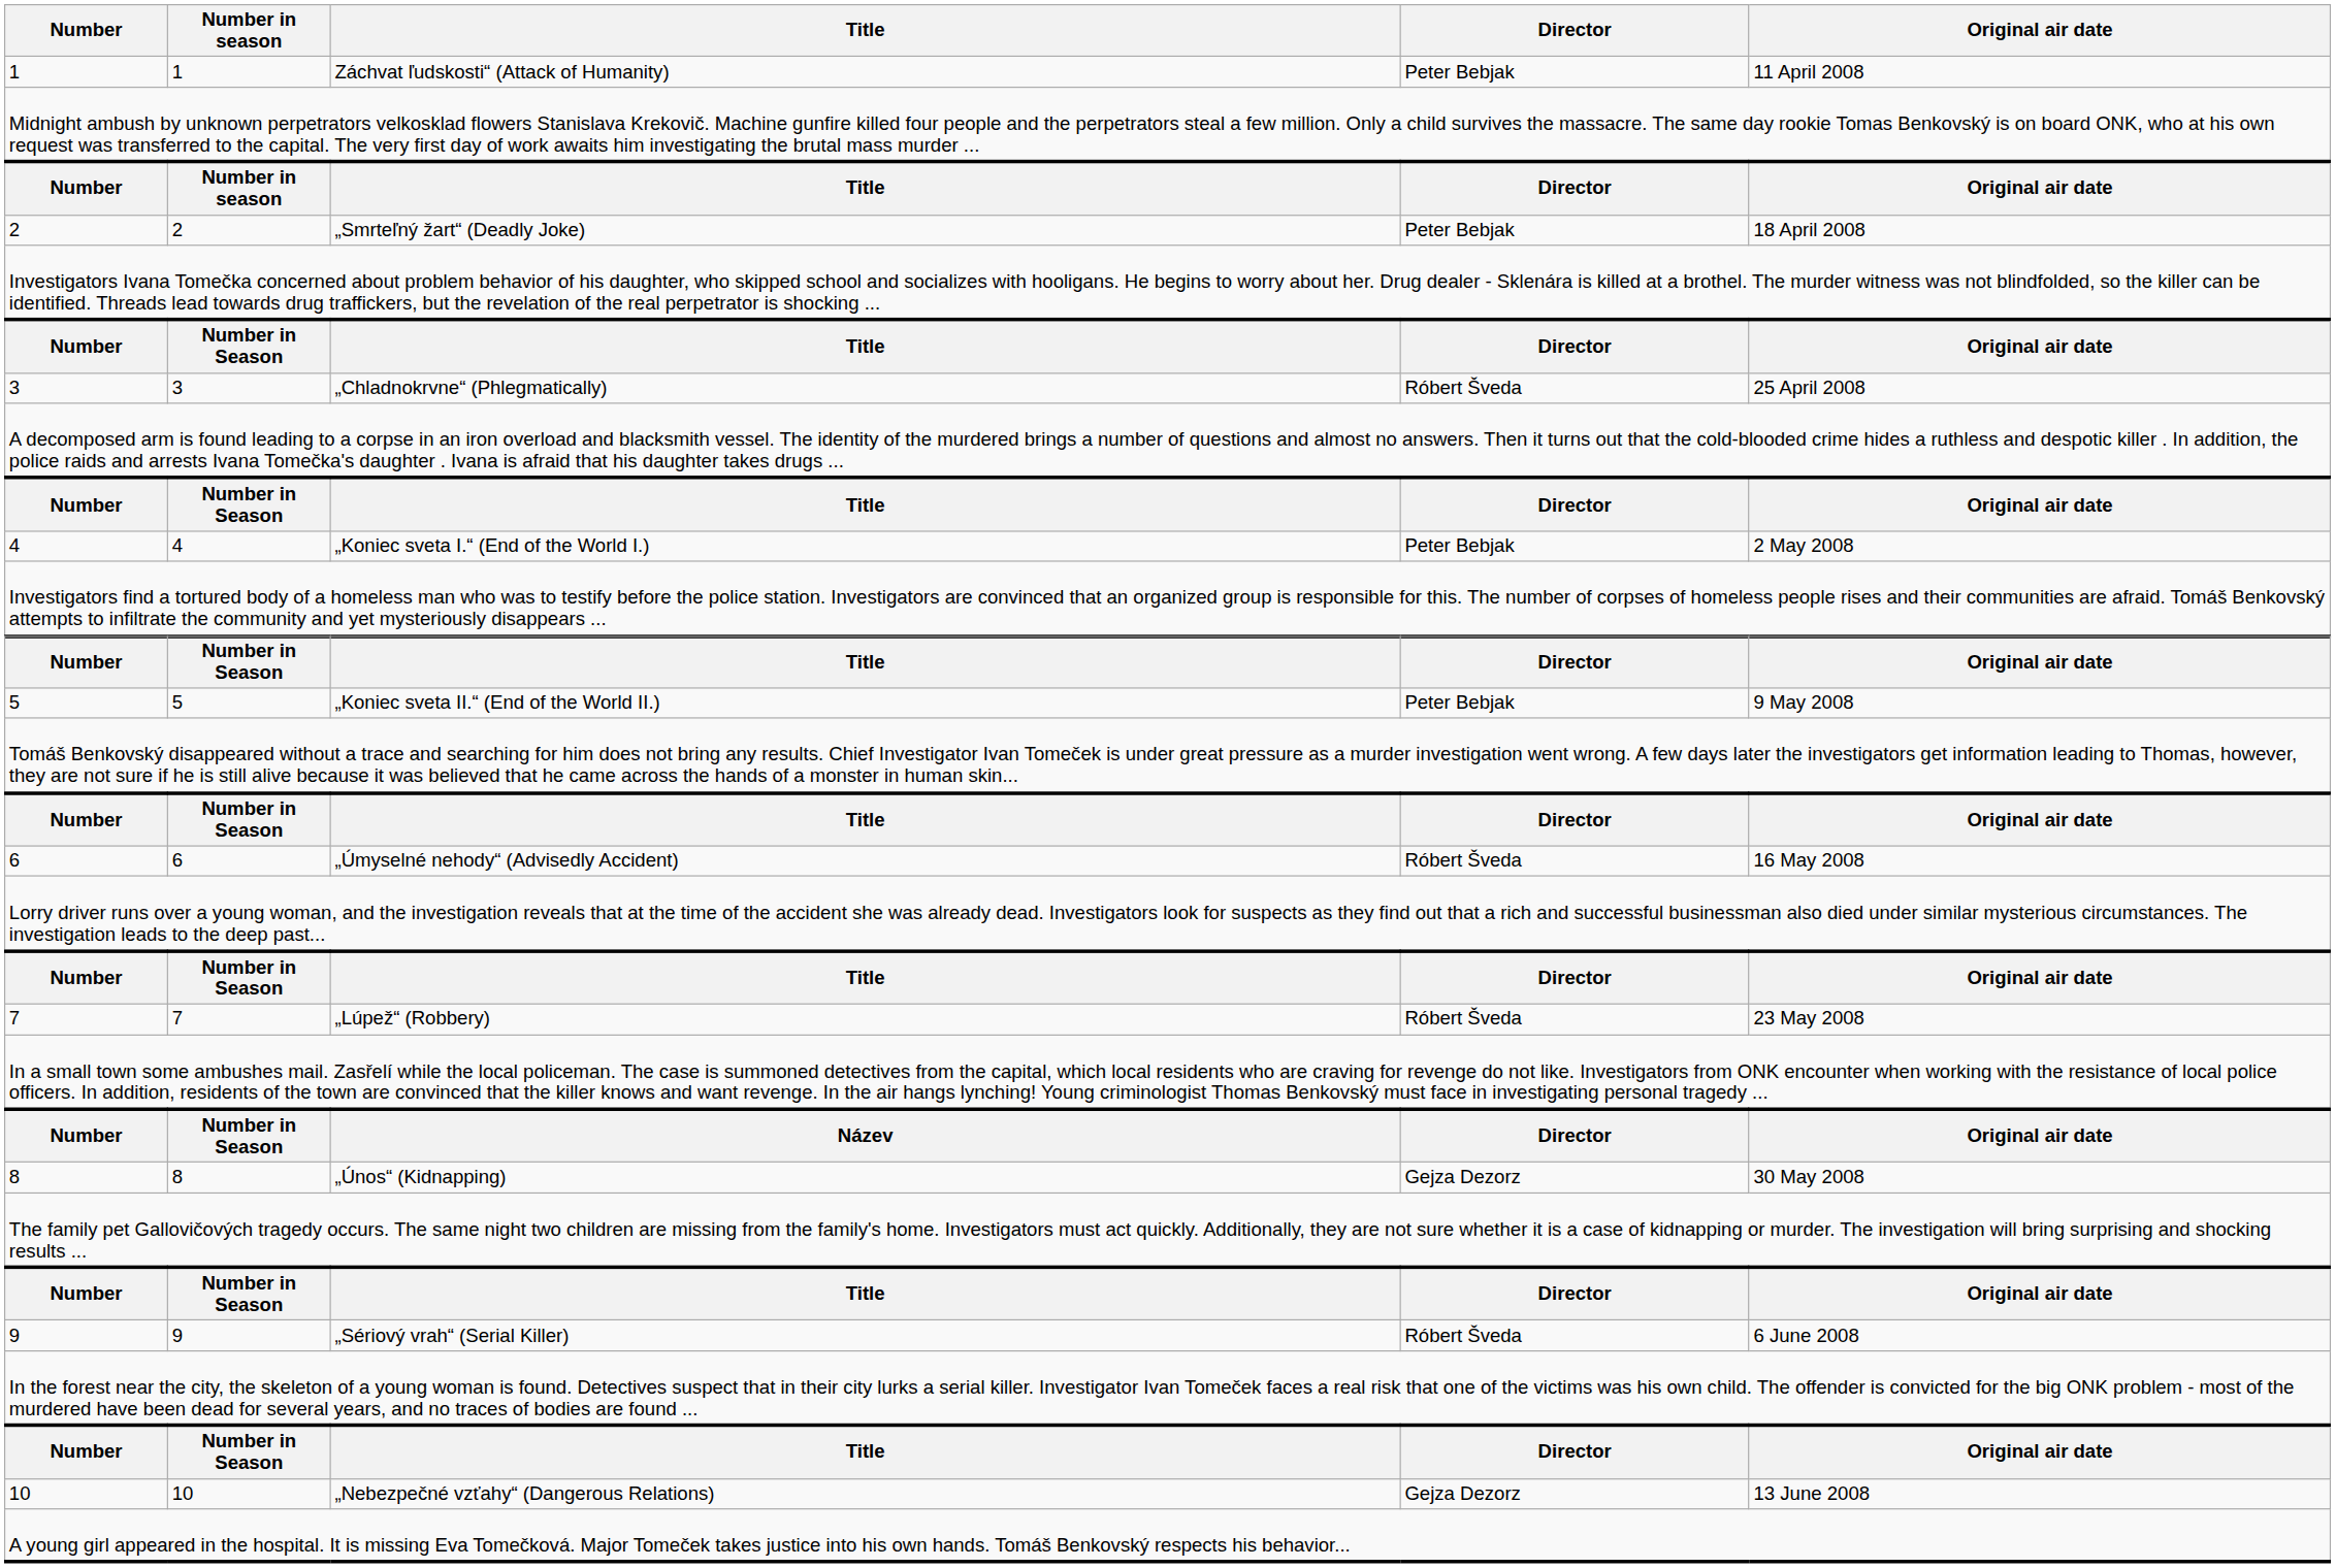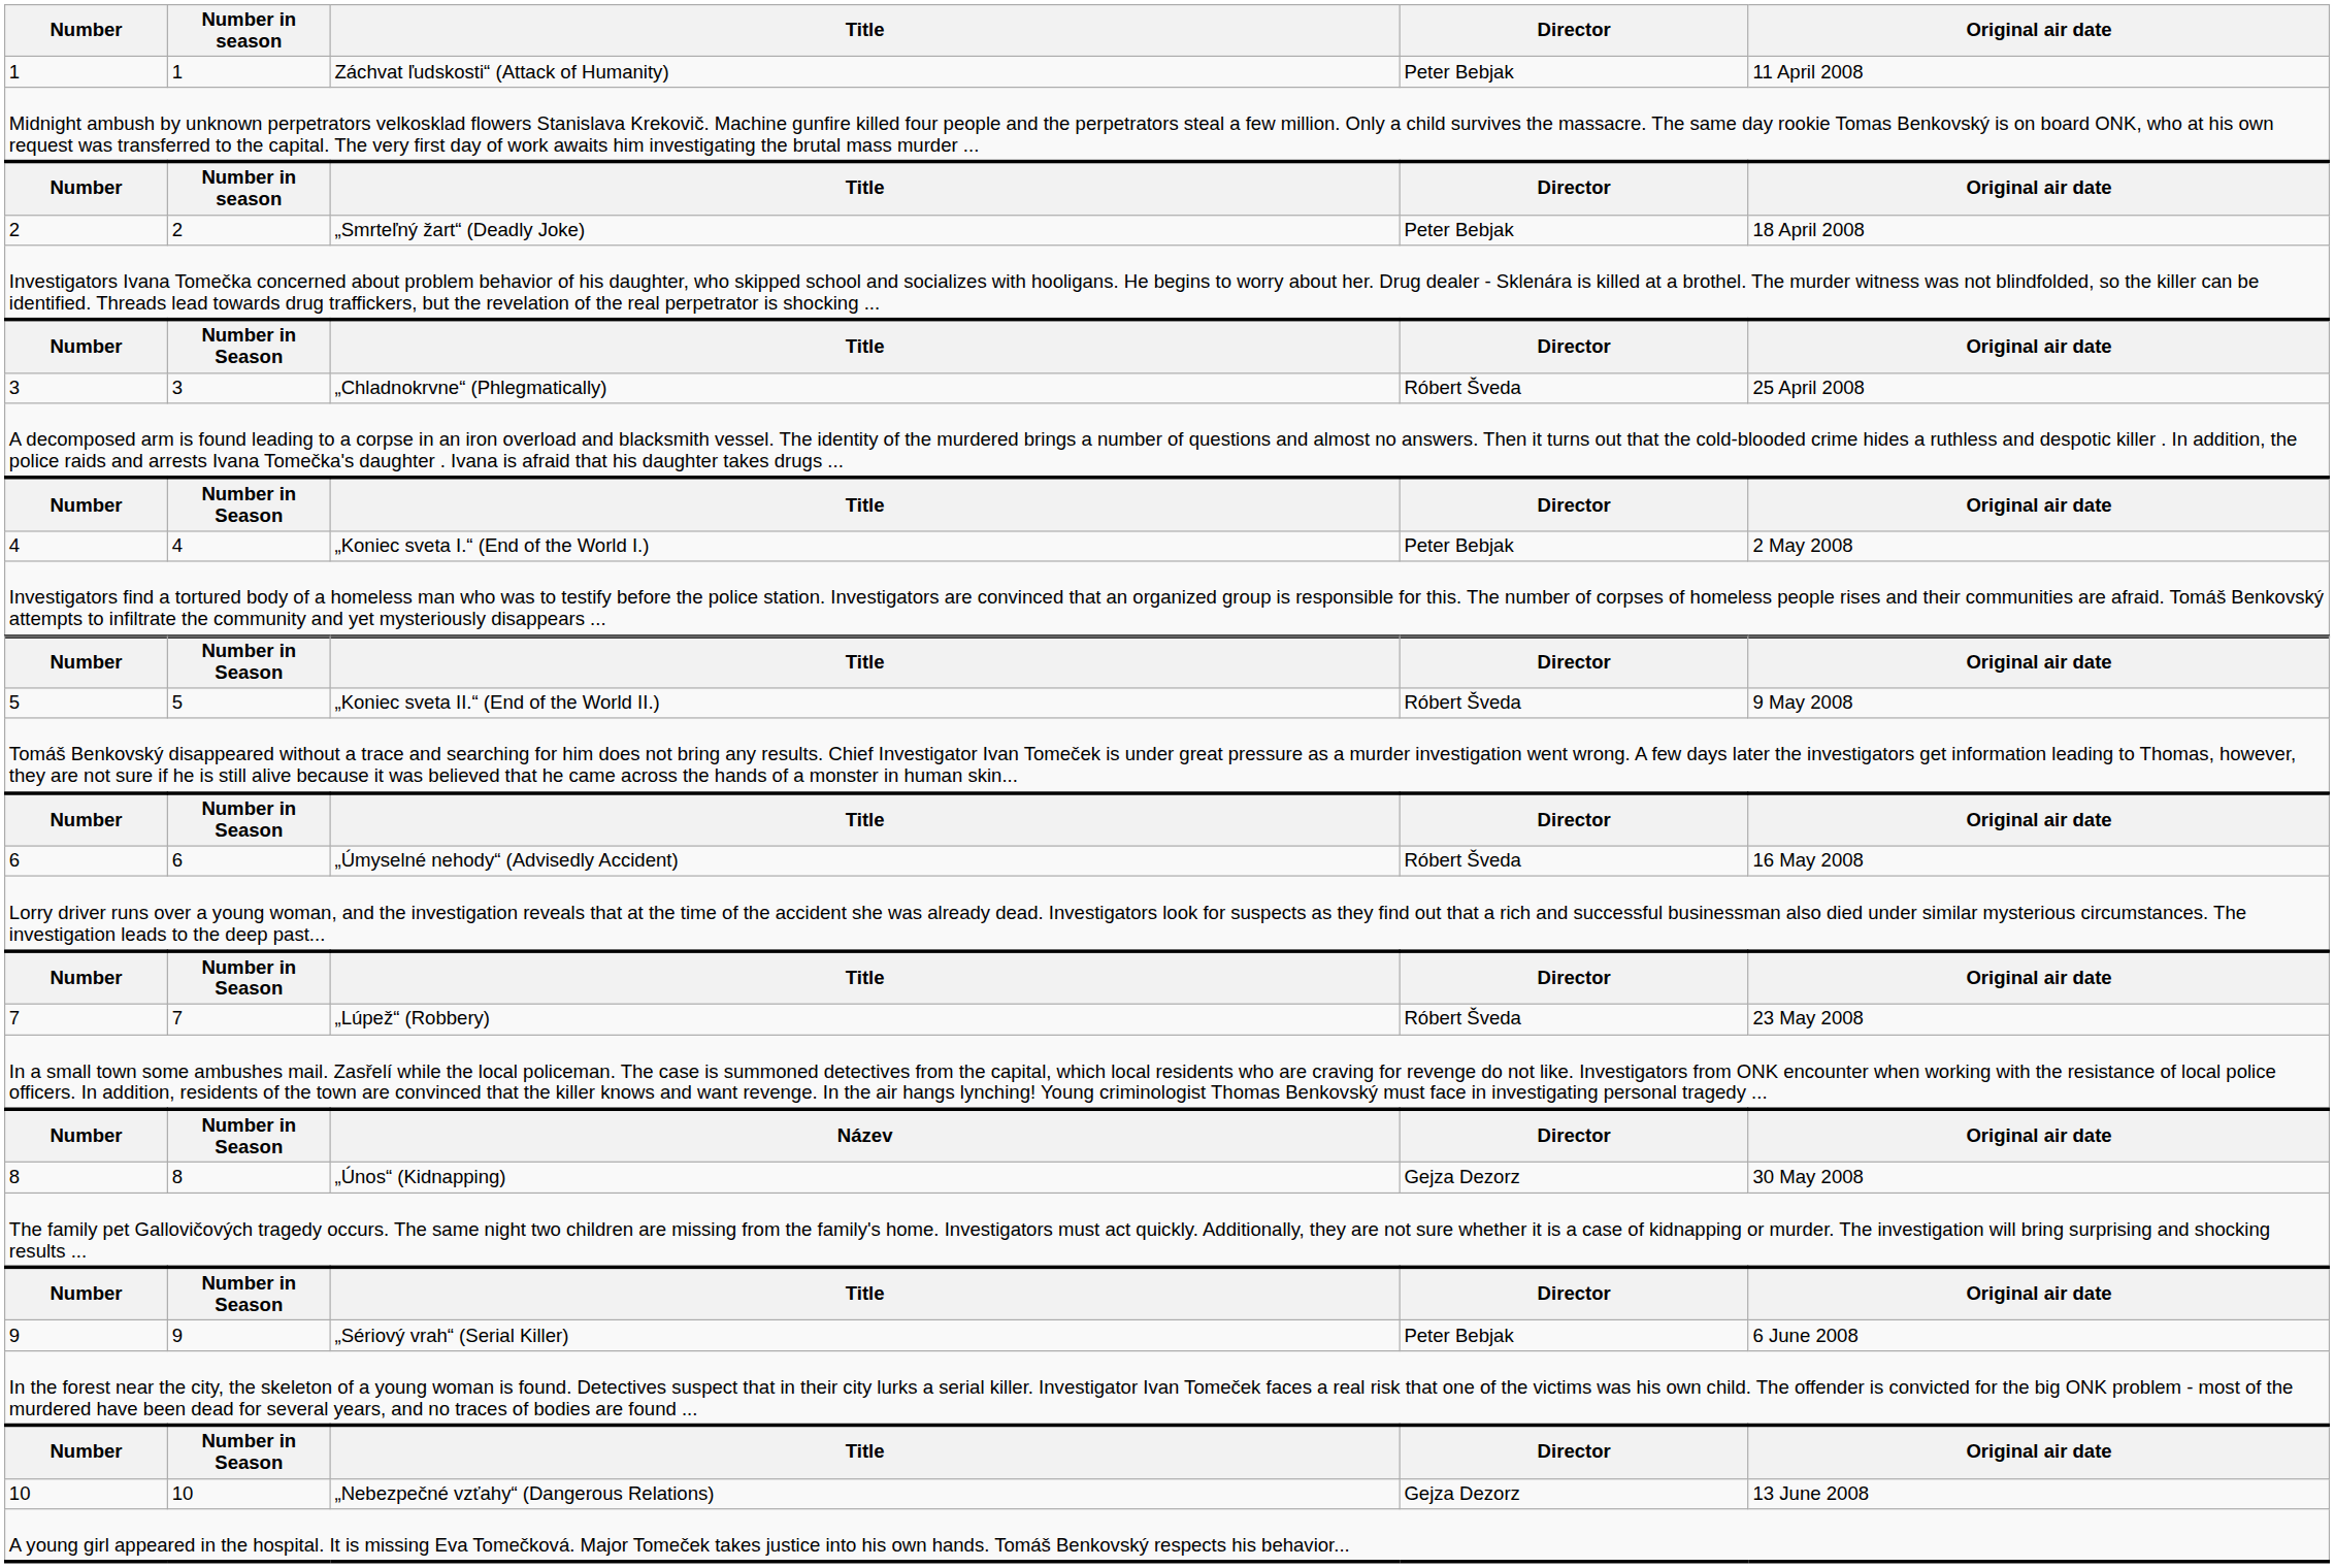 <table class="wikitable" style="width: 98%;">
 <tr>
 <th width="7%">Number</th>
 <th width="7%">Number in season</th>
 <th>Title</th>
 <th width="15%">Director</th>
 <th width="25%">Original air date</th>
 </tr>
 <tr>
 <td>1</td>
 <td>1</td>
 <td>Záchvat ľudskosti“ (Attack of Humanity)</td>
 <td>Peter Bebjak</td>
 <td>11 April 2008</td>
 </tr>
 <tr>
 <td colspan="5" style="border-bottom:3px solid black"><br>Midnight ambush by unknown perpetrators velkosklad flowers Stanislava Krekovič. Machine gunfire killed four people and the perpetrators steal a few million. Only a child survives the massacre. The same day rookie Tomas Benkovský is on board ONK, who at his own request was transferred to the capital. The very first day of work awaits him investigating the brutal mass murder ...</td>
 </tr>
 <tr>
 <th width="7%">Number</th>
 <th width="7%">Number in season</th>
 <th>Title</th>
 <th width="15%">Director</th>
 <th width="25%">Original air date</th>
 </tr>
 <tr>
 <td>2</td>
 <td>2</td>
 <td>„Smrteľný žart“ (Deadly Joke)</td>
 <td>Peter Bebjak</td>
 <td>18 April 2008</td>
 </tr>
 <tr>
 <td colspan="5" style="border-bottom:3px solid black"><br>Investigators Ivana Tomečka concerned about problem behavior of his daughter, who skipped school and socializes with hooligans. He begins to worry about her. Drug dealer - Sklenára is killed at a brothel. The murder witness was not blindfolded, so the killer can be identified. Threads lead towards drug traffickers, but the revelation of the real perpetrator is shocking ...</td>
 </tr>
 <tr>
 <th width="7%">Number</th>
 <th width="7%">Number in Season</th>
 <th>Title</th>
 <th width="15%">Director</th>
 <th width="25%">Original air date</th>
 </tr>
 <tr>
 <td>3</td>
 <td>3</td>
 <td>„Chladnokrvne“ (Phlegmatically)</td>
 <td>Róbert Šveda</td>
 <td>25 April 2008</td>
 </tr>
 <tr>
 <td colspan="5" style="border-bottom:3px solid black"><br>A decomposed arm is found leading to a corpse in an iron overload and blacksmith vessel. The identity of the murdered brings a number of questions and almost no answers. Then it turns out that the cold-blooded crime hides a ruthless and despotic killer . In addition, the police raids and arrests Ivana Tomečka's daughter . Ivana is afraid that his daughter takes drugs ...</td>
 </tr>
 <tr>
 <th width="7%">Number</th>
 <th width="7%">Number in Season</th>
 <th>Title</th>
 <th width="15%">Director</th>
 <th width="25%">Original air date</th>
 </tr>
 <tr>
 <td>4</td>
 <td>4</td>
 <td>„Koniec sveta I.“ (End of the World I.)</td>
 <td>Peter Bebjak</td>
 <td>2 May 2008</td>
 </tr>
 <tr>
 <td colspan="5" style="border-bottom:3px solid black"><br>Investigators find a tortured body of a homeless man who was to testify before the police station. Investigators are convinced that an organized group is responsible for this. The number of corpses of homeless people rises and their communities are afraid. Tomáš Benkovský attempts to infiltrate the community and yet mysteriously disappears ...</td>
 </tr>
 <tr>
 </tr>
 <tr>
 <th width="7%">Number</th>
 <th width="7%">Number in Season</th>
 <th>Title</th>
 <th width="15%">Director</th>
 <th width="25%">Original air date</th>
 </tr>
 <tr>
 <td>5</td>
 <td>5</td>
 <td>„Koniec sveta II.“ (End of the World II.)</td>
-<td>Peter Bebjak</td>
+<td>Róbert Šveda</td>
 <td>9 May 2008</td>
 </tr>
 <tr>
 <td colspan="5" style="border-bottom:3px solid black"><br>Tomáš Benkovský disappeared without a trace and searching for him does not bring any results. Chief Investigator Ivan Tomeček is under great pressure as a murder investigation went wrong. A few days later the investigators get information leading to Thomas, however, they are not sure if he is still alive because it was believed that he came across the hands of a monster in human skin...</td>
 </tr>
 <tr>
 <th width="7%">Number</th>
 <th width="7%">Number in Season</th>
 <th>Title</th>
 <th width="15%">Director</th>
 <th width="25%">Original air date</th>
 </tr>
 <tr>
 <td>6</td>
 <td>6</td>
 <td>„Úmyselné nehody“ (Advisedly Accident)</td>
 <td>Róbert Šveda</td>
 <td>16 May 2008</td>
 </tr>
 <tr>
 <td colspan="5" style="border-bottom:3px solid black"><br>Lorry driver runs over a young woman, and the investigation reveals that at the time of the accident she was already dead. Investigators look for suspects as they find out that a rich and successful businessman also died under similar mysterious circumstances. The investigation leads to the deep past...</td>
 </tr>
 <tr>
 <th width="7%">Number</th>
 <th width="7%">Number in Season</th>
 <th>Title</th>
 <th width="15%">Director</th>
 <th width="25%">Original air date</th>
 </tr>
 <tr>
 <td>7</td>
 <td>7</td>
 <td>„Lúpež“ (Robbery)</td>
 <td>Róbert Šveda</td>
 <td>23 May 2008</td>
 </tr>
 <tr>
 <td colspan="5" style="border-bottom:3px solid black"><br>In a small town some ambushes mail. Zasřelí while the local policeman. The case is summoned detectives from the capital, which local residents who are craving for revenge do not like. Investigators from ONK encounter when working with the resistance of local police officers. In addition, residents of the town are convinced that the killer knows and want revenge. In the air hangs lynching! Young criminologist Thomas Benkovský must face in investigating personal tragedy ...</td>
 </tr>
 <tr>
 <th width="7%">Number</th>
 <th width="7%">Number in Season</th>
 <th>Název</th>
 <th width="15%">Director</th>
 <th width="25%">Original air date</th>
 </tr>
 <tr>
 <td>8</td>
 <td>8</td>
 <td>„Únos“ (Kidnapping)</td>
 <td>Gejza Dezorz</td>
 <td>30 May 2008</td>
 </tr>
 <tr>
 <td colspan="5" style="border-bottom:3px solid black"><br>The family pet Gallovičových tragedy occurs. The same night two children are missing from the family's home. Investigators must act quickly. Additionally, they are not sure whether it is a case of kidnapping or murder. The investigation will bring surprising and shocking results ...</td>
 </tr>
 <tr>
 <th width="7%">Number</th>
 <th width="7%">Number in Season</th>
 <th>Title</th>
 <th width="15%">Director</th>
 <th width="25%">Original air date</th>
 </tr>
 <tr>
 <td>9</td>
 <td>9</td>
 <td>„Sériový vrah“ (Serial Killer)</td>
-<td>Róbert Šveda</td>
+<td>Peter Bebjak</td>
 <td>6 June 2008</td>
 </tr>
 <tr>
 <td colspan="5" style="border-bottom:3px solid black"><br>In the forest near the city, the skeleton of a young woman is found. Detectives suspect that in their city lurks a serial killer. Investigator Ivan Tomeček faces a real risk that one of the victims was his own child. The offender is convicted for the big ONK problem - most of the murdered have been dead for several years, and no traces of bodies are found ...</td>
 </tr>
 <tr>
 <th width="7%">Number</th>
 <th width="7%">Number in Season</th>
 <th>Title</th>
 <th width="15%">Director</th>
 <th width="25%">Original air date</th>
 </tr>
 <tr>
 <td>10</td>
 <td>10</td>
 <td>„Nebezpečné vzťahy“ (Dangerous Relations)</td>
 <td>Gejza Dezorz</td>
 <td>13 June 2008</td>
 </tr>
 <tr>
 <td colspan="5" style="border-bottom:3px solid black"><br>A young girl appeared in the hospital. It is missing Eva Tomečková. Major Tomeček takes justice into his own hands. Tomáš Benkovský respects his behavior...</td>
 </tr>
 </table>
